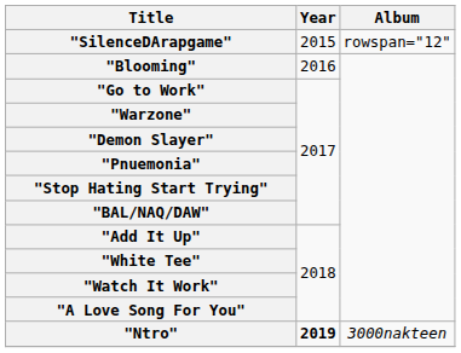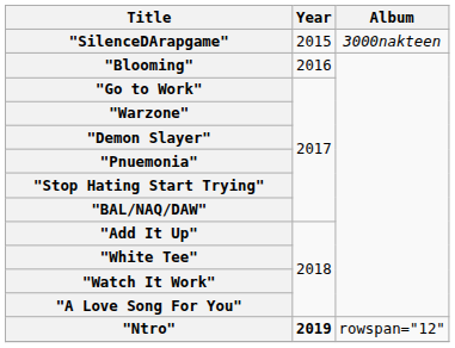 <table class="wikitable plainrowheaders" style="text-align:center;">
 <tr>
 <th scope="col" style="width:19em;">Title</th>
 <th scope="col">Year</th>
 <th scope="col">Album</th>
 </tr>
 <tr>
 <th scope="row">"SilenceDArapgame"<br></th>
 <td>2015</td>
-<td>rowspan="12" </td>
+<td><em>3000nakteen</em></td>
 </tr>
 <tr>
 <th scope="row">"Blooming"</th>
 <td>2016</td>
 </tr>
 <tr>
 <th scope="row">"Go to Work"</th>
 <td rowspan="6">2017</td>
 </tr>
 <tr>
 <th scope="row">"Warzone"</th>
 </tr>
 <tr>
 <th scope="row">"Demon Slayer"</th>
 </tr>
 <tr>
 <th scope="row">"Pnuemonia"</th>
 </tr>
 <tr>
 <th scope="row">"Stop Hating Start Trying"</th>
 </tr>
 <tr>
 <th scope="row">"BAL/NAQ/DAW"</th>
 </tr>
 <tr>
 <th scope="row">"Add It Up"<br></th>
 <td rowspan="4">2018</td>
 </tr>
 <tr>
 <th scope="row">"White Tee"</th>
 </tr>
 <tr>
 <th scope="row">"Watch It Work"</th>
 </tr>
 <tr>
 <th scope="row">"A Love Song For You"</th>
 </tr>
 <tr>
 <th scope="row">"Ntro"</th>
 <td><strong>2019</strong></td>
-<td><em>3000nakteen</em></td>
+<td>rowspan="12" </td>
 </tr>
 <tr>
 </tr>
 </table>
